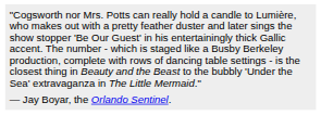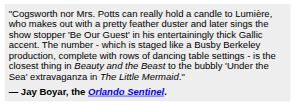 <table class="toccolours" style="float:left; margin-left:1em; margin-right:2em; font-size:85%; background:#eee; color:black; width:30em; max-width:40%;" cellspacing="5">
 <tr>
 <td style="text-align: left;">"Cogsworth nor Mrs. Potts can really hold a candle to Lumière, who makes out with a pretty feather duster and later sings the show stopper 'Be Our Guest' in his entertainingly thick Gallic accent. The number - which is staged like a Busby Berkeley production, complete with rows of dancing table settings - is the closest thing in <em>Beauty and the Beast</em> to the bubbly 'Under the Sea' extravaganza in <em>The Little Mermaid</em>."</td>
 </tr>
 <tr>
-<td style="text-align: left;">— Jay Boyar, the <em><a href='#'>Orlando Sentinel</a></em>.</td>
+<td style="text-align: left;"><strong>— Jay Boyar, the <em><a href='#'>Orlando Sentinel</a></em>.</strong></td>
 </tr>
 </table>
